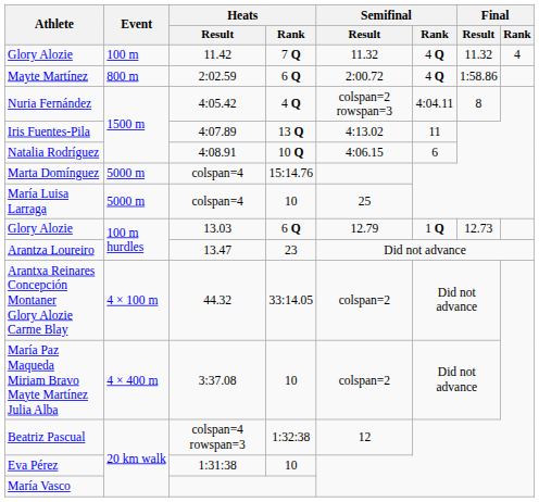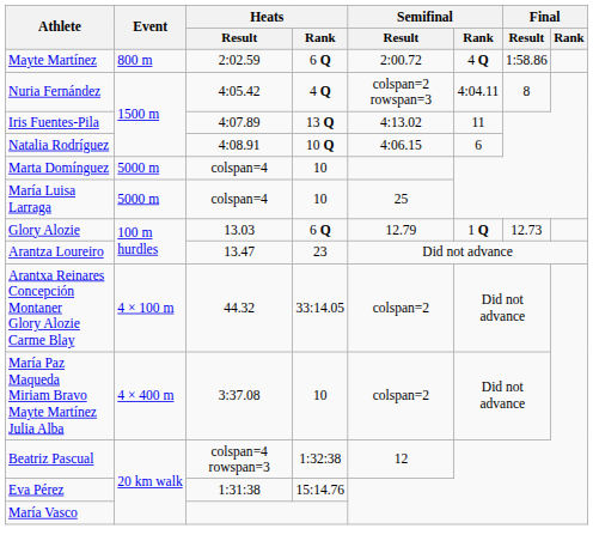 <table class="wikitable" style="font-size:90%">
 <tr>
 <th rowspan="2">Athlete</th>
 <th rowspan="2">Event</th>
 <th colspan="2">Heats</th>
 <th colspan="2">Semifinal</th>
 <th colspan="2">Final</th>
 </tr>
 <tr style="font-size:95%">
 <th>Result</th>
 <th>Rank</th>
 <th>Result</th>
 <th>Rank</th>
 <th>Result</th>
 <th>Rank</th>
-</tr>
-<tr align=center>
-<td align=left><a href='#'>Glory Alozie</a></td>
-<td align=left><a href='#'>100 m</a></td>
-<td>11.42</td>
-<td>7 <strong>Q</strong></td>
-<td>11.32</td>
-<td>4 <strong>Q</strong></td>
-<td>11.32</td>
-<td>4</td>
 </tr>
 <tr align=center>
 <td align=left><a href='#'>Mayte Martínez</a></td>
 <td align=left><a href='#'>800 m</a></td>
 <td>2:02.59</td>
 <td>6 <strong>Q</strong></td>
 <td>2:00.72</td>
 <td>4 <strong>Q</strong></td>
 <td>1:58.86 <strong></strong></td>
 <td></td>
 </tr>
 <tr align=center>
 <td align=left><a href='#'>Nuria Fernández</a></td>
 <td align=left rowspan=3><a href='#'>1500 m</a></td>
 <td>4:05.42</td>
 <td>4 <strong>Q</strong></td>
 <td>colspan=2 rowspan=3 </td>
 <td>4:04.11</td>
 <td>8</td>
 </tr>
 <tr align=center>
 <td align=left><a href='#'>Iris Fuentes-Pila</a></td>
 <td>4:07.89</td>
 <td>13 <strong>Q</strong></td>
 <td>4:13.02</td>
 <td>11</td>
 </tr>
 <tr align=center>
 <td align=left><a href='#'>Natalia Rodríguez</a></td>
 <td>4:08.91</td>
 <td>10 <strong>Q</strong></td>
 <td>4:06.15</td>
 <td>6</td>
 </tr>
 <tr align=center>
 <td align=left><a href='#'>Marta Domínguez</a></td>
 <td align=left><a href='#'>5000 m</a></td>
 <td>colspan=4 </td>
-<td>15:14.76</td>
+<td>10</td>
 <td></td>
 </tr>
 <tr align=center>
 <td align=left><a href='#'>María Luisa Larraga</a></td>
 <td align=left><a href='#'>5000 m</a></td>
 <td>colspan=4 </td>
 <td>10</td>
 <td>25</td>
 </tr>
 <tr align=center>
 <td align=left><a href='#'>Glory Alozie</a></td>
 <td align=left rowspan=2><a href='#'>100 m hurdles</a></td>
 <td>13.03</td>
 <td>6 <strong>Q</strong></td>
 <td>12.79</td>
 <td>1 <strong>Q</strong></td>
 <td>12.73</td>
 <td></td>
 </tr>
 <tr align=center>
 <td align=left><a href='#'>Arantza Loureiro</a></td>
 <td>13.47</td>
 <td>23</td>
 <td colspan=4>Did not advance</td>
 </tr>
 <tr align=center>
 <td align=left><a href='#'>Arantxa Reinares</a><br><a href='#'>Concepción Montaner</a><br><a href='#'>Glory Alozie</a><br><a href='#'>Carme Blay</a></td>
 <td align=left><a href='#'>4 × 100 m</a></td>
 <td>44.32</td>
 <td>33:14.05</td>
 <td>colspan=2 </td>
 <td colspan=2>Did not advance</td>
 </tr>
 <tr align=center>
 <td align=left><a href='#'>María Paz Maqueda</a><br><a href='#'>Miriam Bravo</a><br><a href='#'>Mayte Martínez</a><br><a href='#'>Julia Alba</a></td>
 <td align=left><a href='#'>4 × 400 m</a></td>
 <td>3:37.08</td>
 <td>10</td>
 <td>colspan=2 </td>
 <td colspan=2>Did not advance</td>
 </tr>
 <tr align=center>
 <td align=left><a href='#'>Beatriz Pascual</a></td>
 <td align=left rowspan=3><a href='#'>20 km walk</a></td>
 <td>colspan=4 rowspan=3 </td>
 <td>1:32:38 <strong></strong></td>
 <td>12</td>
 </tr>
 <tr align=center>
 <td align=left><a href='#'>Eva Pérez</a></td>
 <td>1:31:38 <strong></strong></td>
-<td>10</td>
+<td>15:14.76</td>
 </tr>
 <tr align=center>
 <td align=left><a href='#'>María Vasco</a></td>
 <td colspan=2></td>
 </tr>
 </table>
